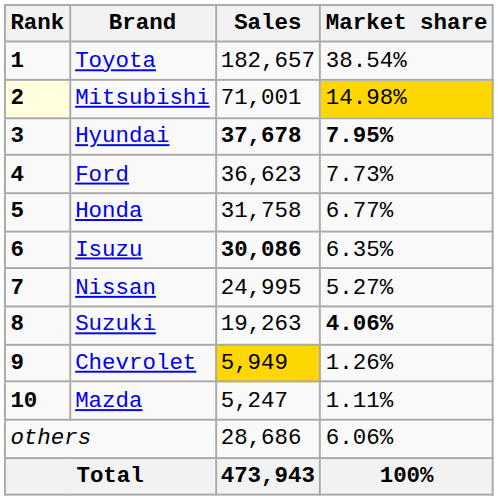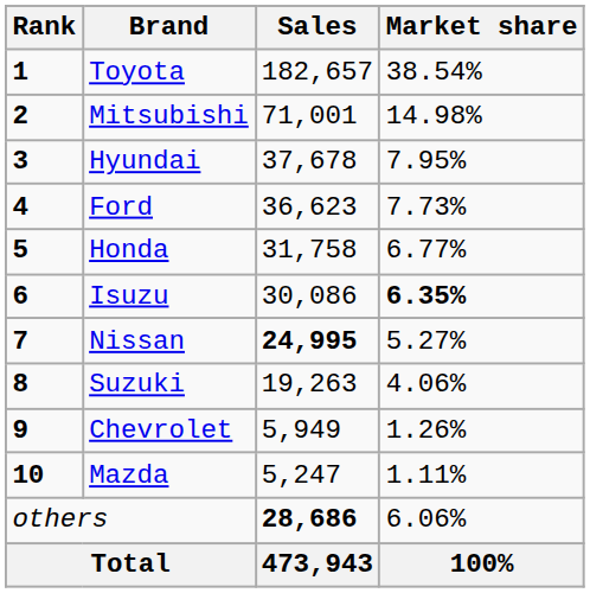 <table class="wikitable" align="left" style="text-align: left; font-size:90%;">
 <tr>
 <th>Rank</th>
 <th>Brand</th>
 <th>Sales</th>
 <th>Market share</th>
 </tr>
 <tr>
 <td><strong>1</strong></td>
 <td><a href='#'>Toyota</a></td>
 <td>182,657</td>
 <td>38.54%</td>
 </tr>
 <tr>
-<td style="background: lightyellow;"><strong>2</strong></td>
+<td><strong>2</strong></td>
 <td><a href='#'>Mitsubishi</a></td>
 <td>71,001</td>
-<td style="background: gold;">14.98%</td>
+<td>14.98%</td>
 </tr>
 <tr>
 <td><strong>3</strong></td>
 <td><a href='#'>Hyundai</a></td>
-<td><strong>37,678</strong></td>
-<td><strong>7.95%</strong></td>
+<td>37,678</td>
+<td>7.95%</td>
 </tr>
 <tr>
 <td><strong>4</strong></td>
 <td><a href='#'>Ford</a></td>
 <td>36,623</td>
 <td>7.73%</td>
 </tr>
 <tr>
 <td><strong>5</strong></td>
 <td><a href='#'>Honda</a></td>
 <td>31,758</td>
 <td>6.77%</td>
 </tr>
 <tr>
 <td><strong>6</strong></td>
 <td><a href='#'>Isuzu</a></td>
-<td><strong>30,086</strong></td>
-<td>6.35%</td>
+<td>30,086</td>
+<td><strong>6.35%</strong></td>
 </tr>
 <tr>
 <td><strong>7</strong></td>
 <td><a href='#'>Nissan</a></td>
-<td>24,995</td>
+<td><strong>24,995</strong></td>
 <td>5.27%</td>
 </tr>
 <tr>
 <td><strong>8</strong></td>
 <td><a href='#'>Suzuki</a></td>
 <td>19,263</td>
-<td><strong>4.06%</strong></td>
+<td>4.06%</td>
 </tr>
 <tr>
 <td><strong>9</strong></td>
 <td><a href='#'>Chevrolet</a></td>
-<td style="background: gold;">5,949</td>
+<td>5,949</td>
 <td>1.26%</td>
 </tr>
 <tr>
 <td><strong>10</strong></td>
 <td><a href='#'>Mazda</a></td>
 <td>5,247</td>
 <td>1.11%</td>
 </tr>
 <tr>
 <td colspan="2"><em>others</em></td>
-<td>28,686</td>
+<td><strong>28,686</strong></td>
 <td>6.06%</td>
 </tr>
 <tr>
 <th colspan="2">Total</th>
 <th>473,943</th>
 <th>100%</th>
 </tr>
 </table>
